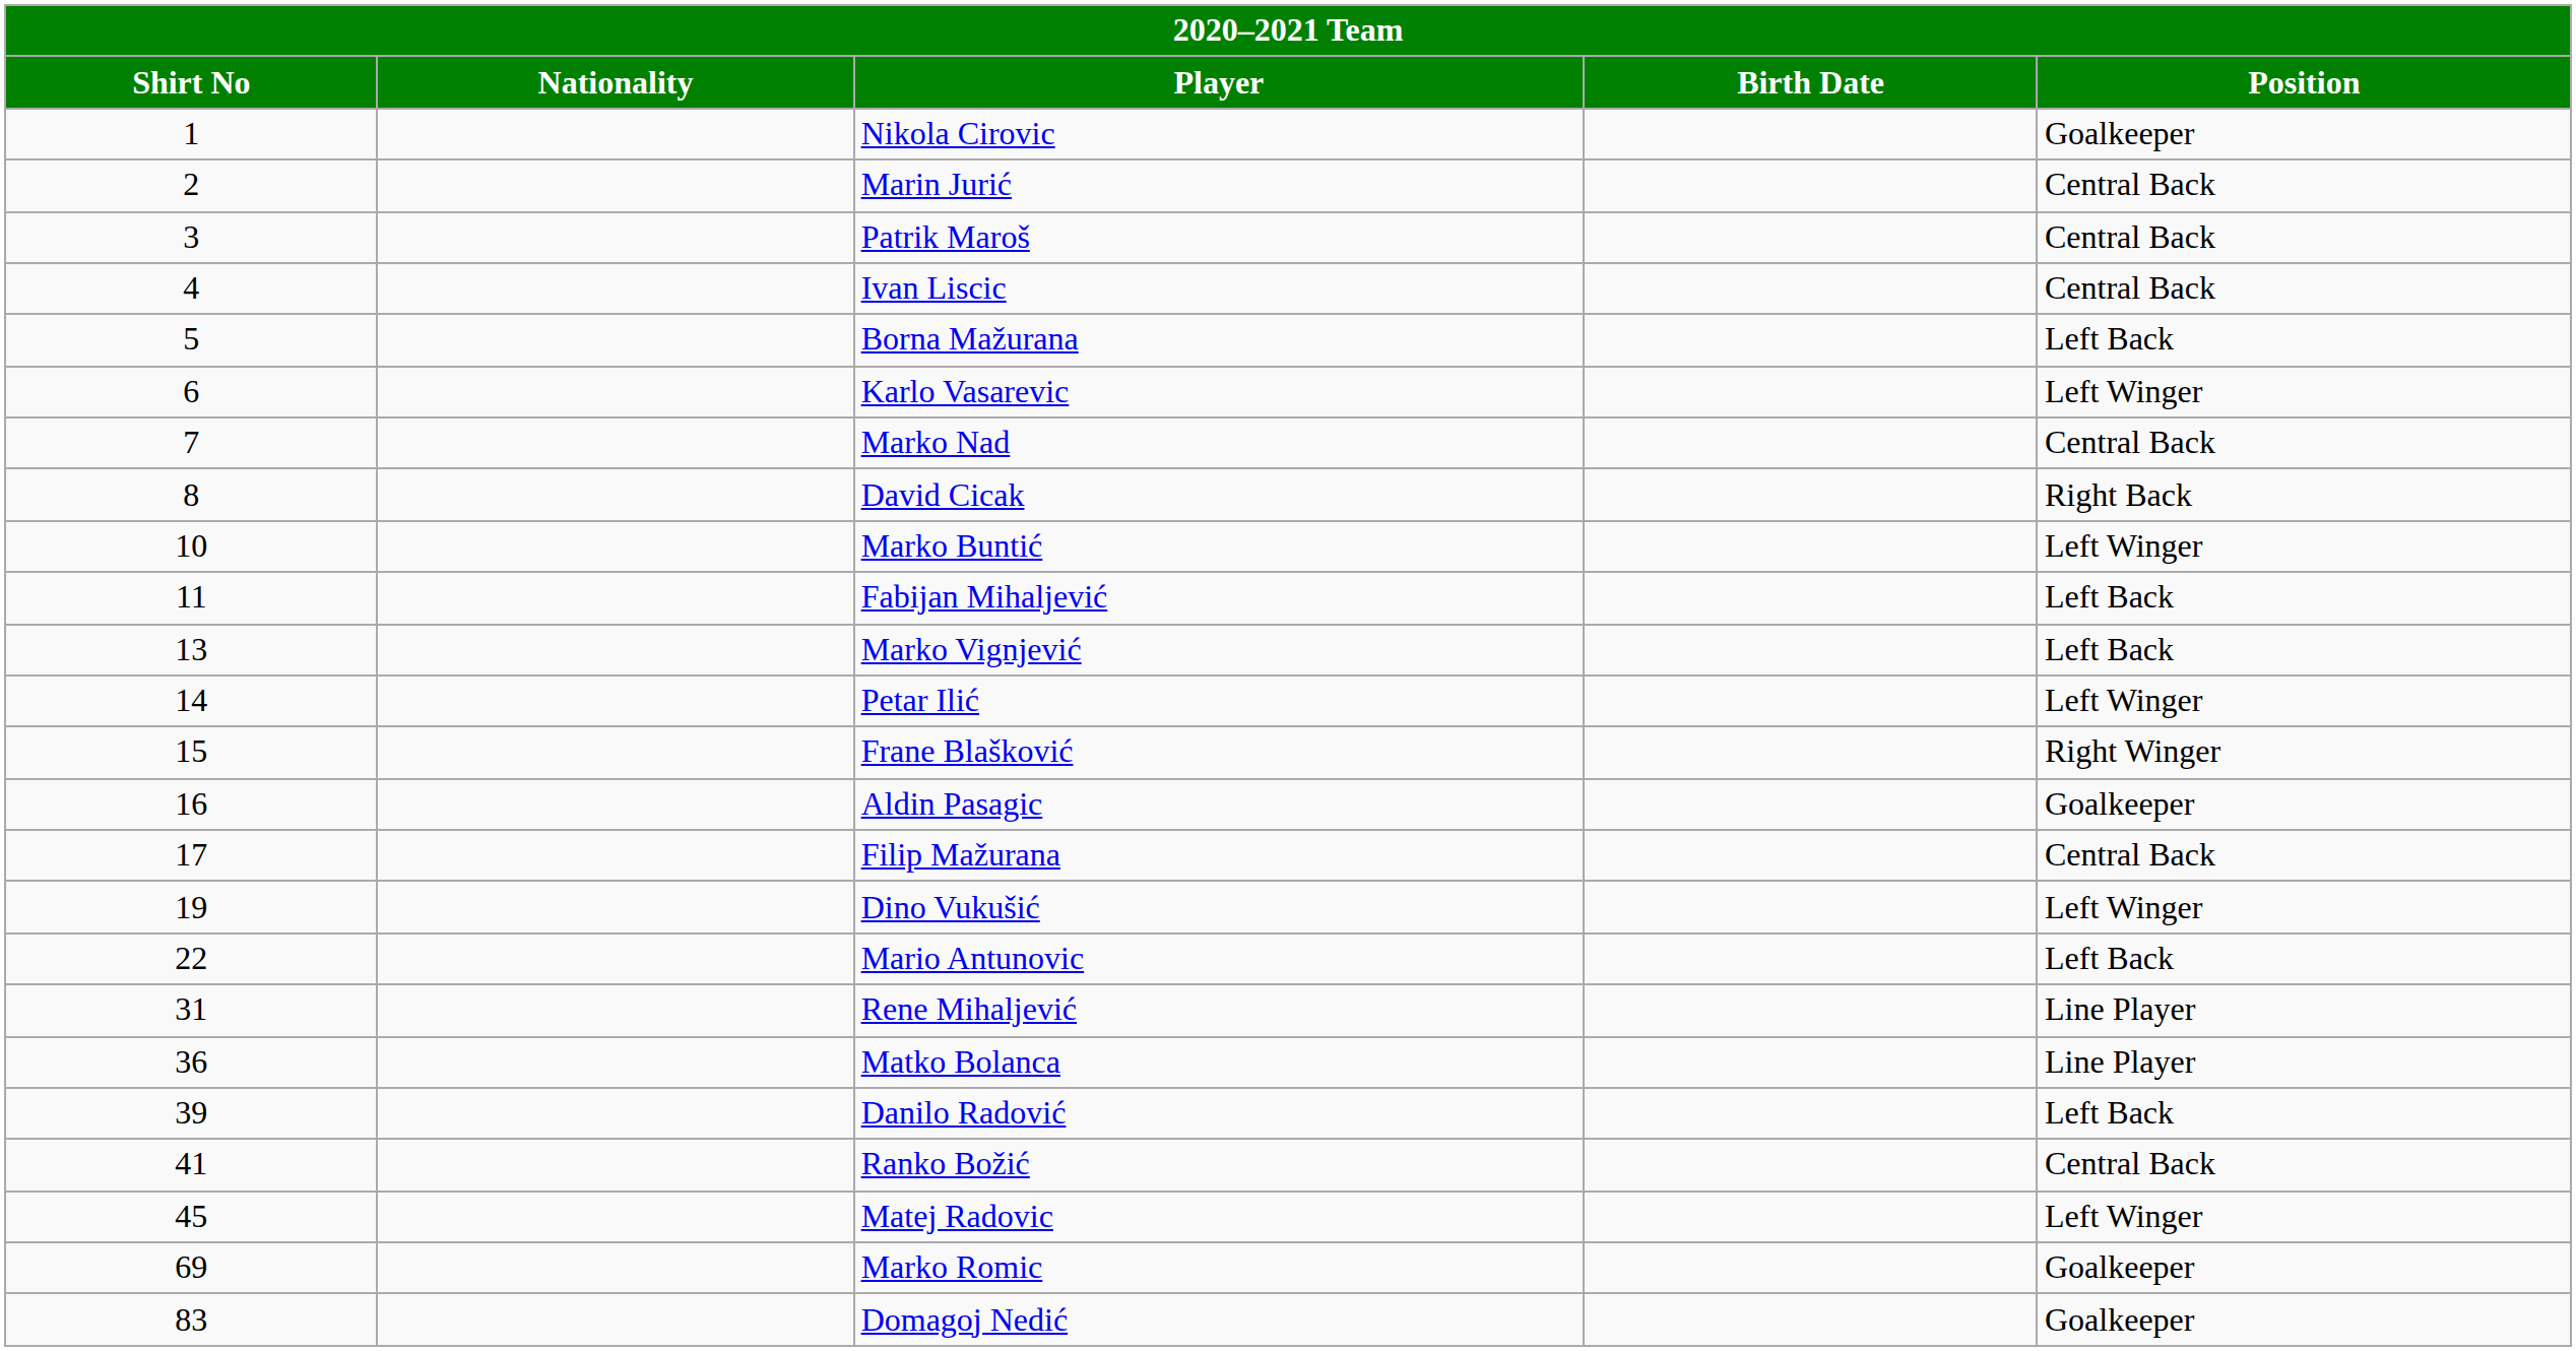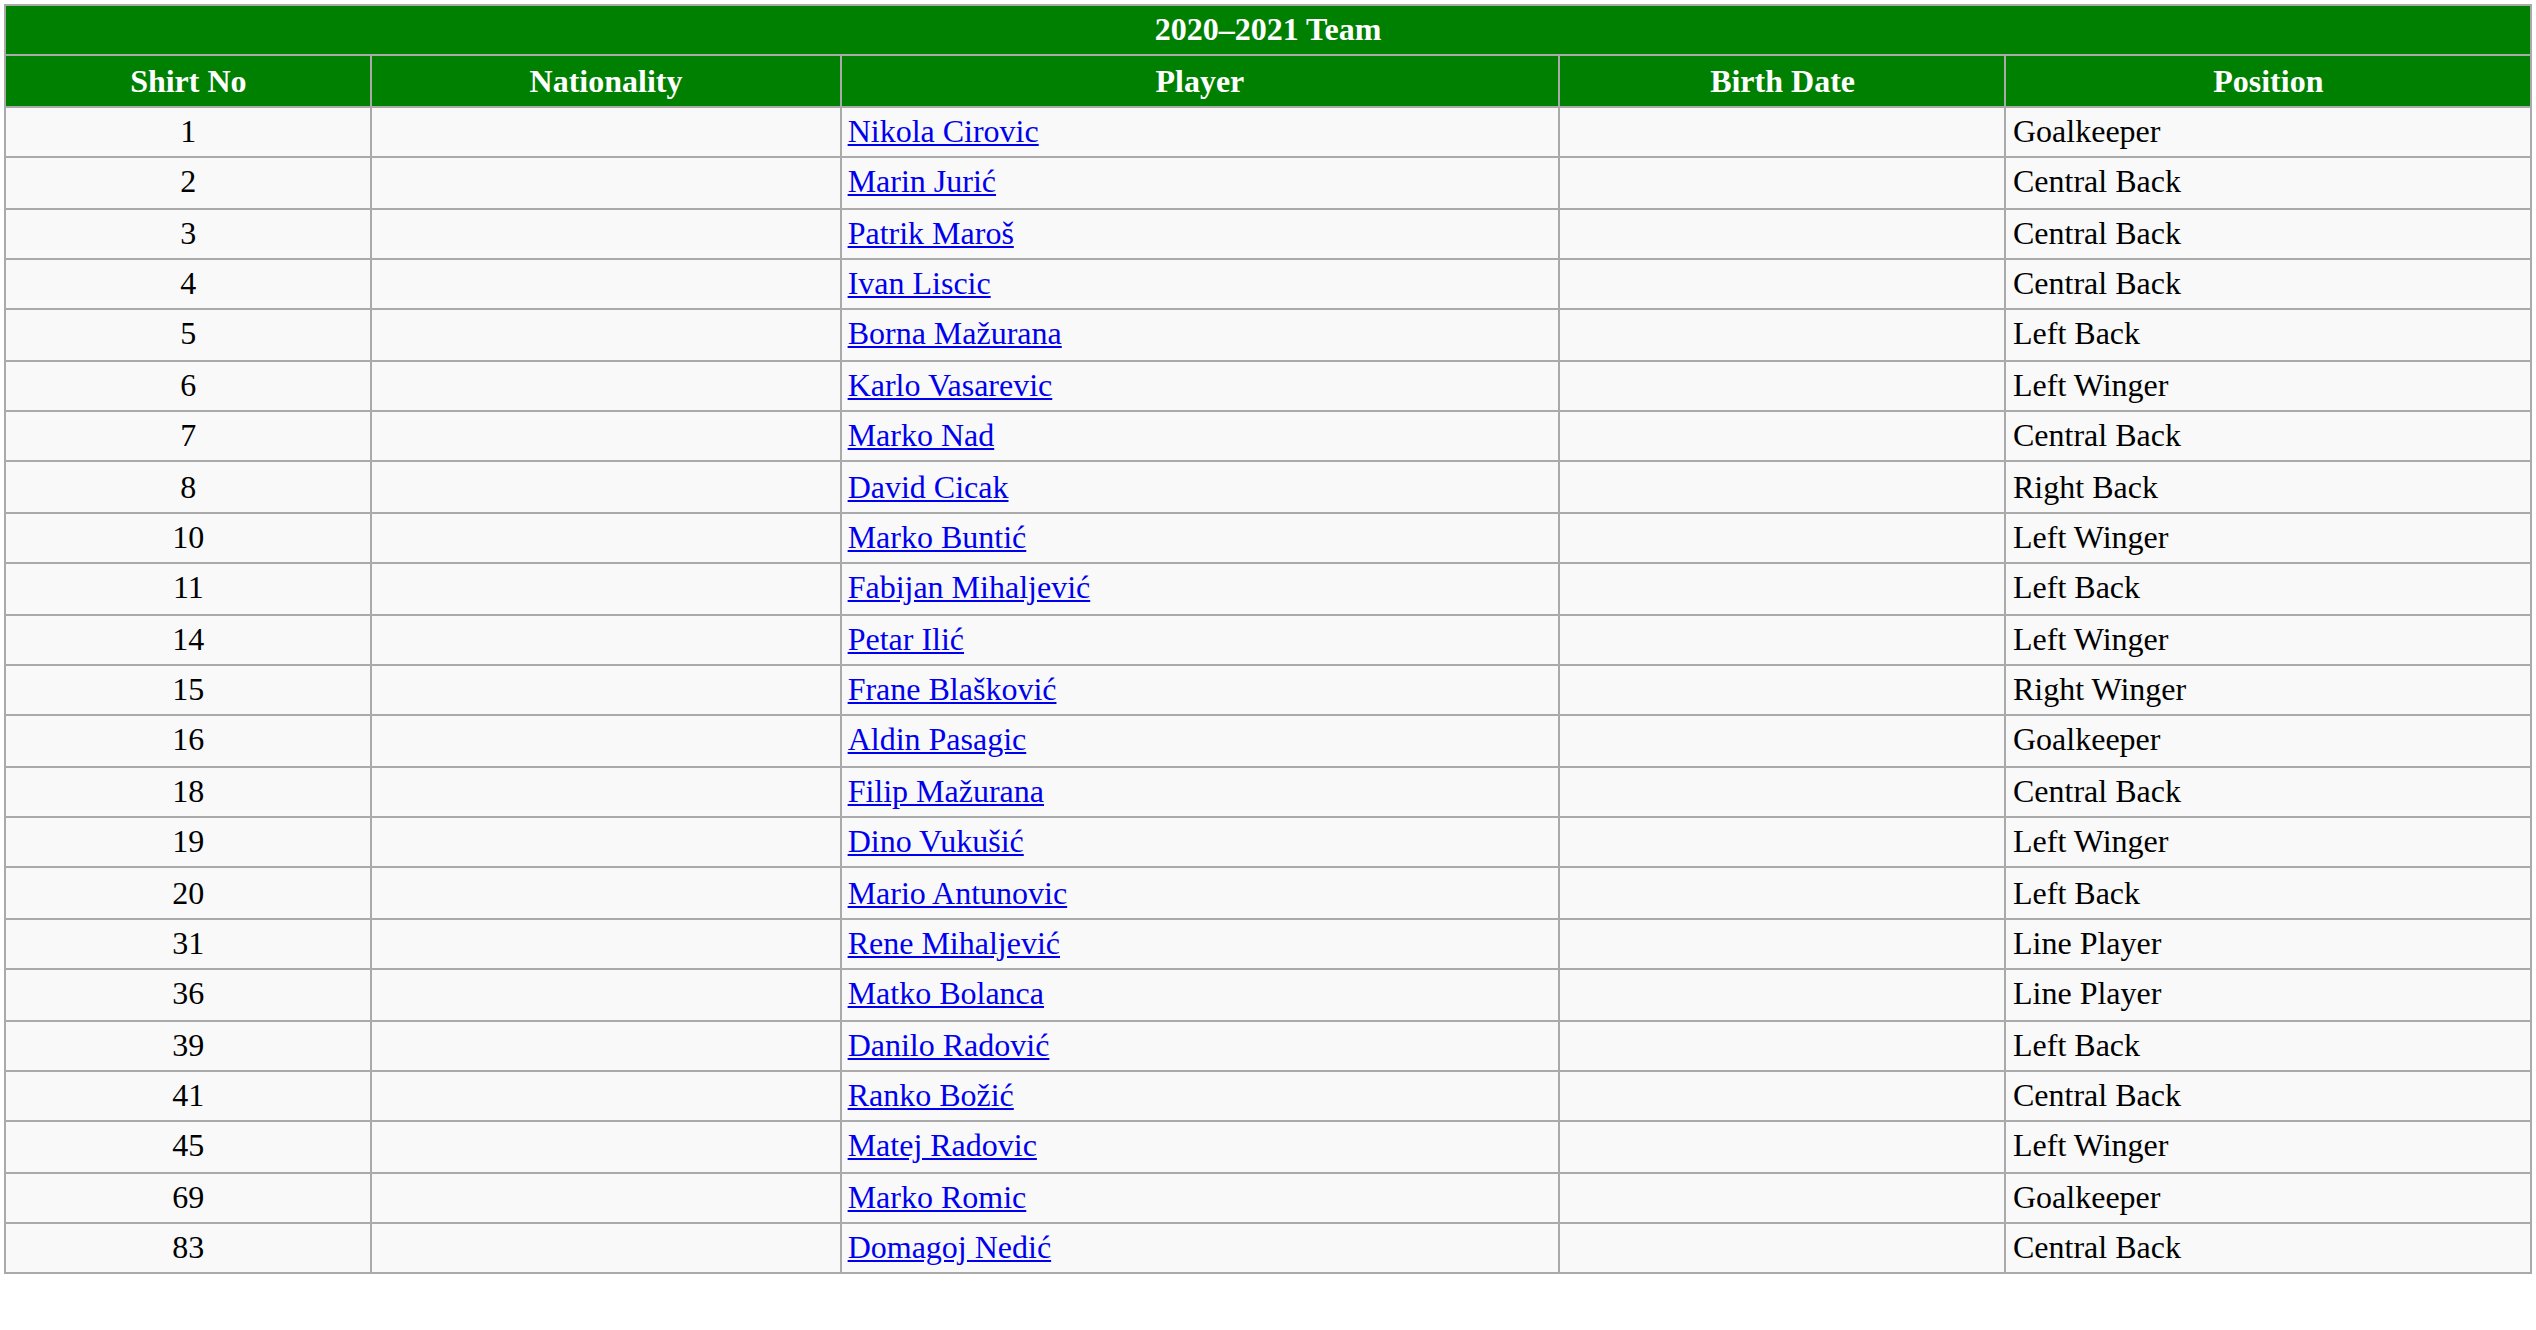 <table class="wikitable collapsible collapsed" style="width:100%">
 <tr>
 <th colspan=5 style="background-color:#008000;color:#FFFFFF;text-align:center;"><strong>2020–2021 Team</strong></th>
 </tr>
 <tr>
 <th style="color:#FFFFFF; background:#008000">Shirt No</th>
 <th style="color:#FFFFFF; background:#008000">Nationality</th>
 <th style="color:#FFFFFF; background:#008000">Player</th>
 <th style="color:#FFFFFF; background:#008000">Birth Date</th>
 <th style="color:#FFFFFF; background:#008000">Position</th>
 </tr>
 <tr>
 <td align=center>1</td>
 <td></td>
 <td><a href='#'>Nikola Cirovic</a></td>
 <td></td>
 <td>Goalkeeper</td>
 </tr>
 <tr>
 <td align=center>2</td>
 <td></td>
 <td><a href='#'>Marin Jurić</a></td>
 <td></td>
 <td>Central Back</td>
 </tr>
 <tr>
 <td align=center>3</td>
 <td></td>
 <td><a href='#'>Patrik Maroš</a></td>
 <td></td>
 <td>Central Back</td>
 </tr>
 <tr>
 <td align=center>4</td>
 <td></td>
 <td><a href='#'>Ivan Liscic</a></td>
 <td></td>
 <td>Central Back</td>
 </tr>
 <tr>
 <td align=center>5</td>
 <td></td>
 <td><a href='#'>Borna Mažurana</a></td>
 <td></td>
 <td>Left Back</td>
 </tr>
 <tr>
 <td align=center>6</td>
 <td></td>
 <td><a href='#'>Karlo Vasarevic</a></td>
 <td></td>
 <td>Left Winger</td>
 </tr>
 <tr>
 <td align=center>7</td>
 <td></td>
 <td><a href='#'>Marko Nad</a></td>
 <td></td>
 <td>Central Back</td>
 </tr>
 <tr>
 <td align=center>8</td>
 <td></td>
 <td><a href='#'>David Cicak</a></td>
 <td></td>
 <td>Right Back</td>
 </tr>
 <tr>
 <td align=center>10</td>
 <td></td>
 <td><a href='#'>Marko Buntić</a></td>
 <td></td>
 <td>Left Winger</td>
 </tr>
 <tr>
 <td align=center>11</td>
 <td></td>
 <td><a href='#'>Fabijan Mihaljević</a></td>
 <td></td>
 <td>Left Back</td>
 </tr>
 <tr>
-<td align=center>13</td>
-<td></td>
-<td><a href='#'>Marko Vignjević</a></td>
-<td></td>
-<td>Left Back</td>
-</tr>
-<tr>
 <td align=center>14</td>
 <td></td>
 <td><a href='#'>Petar Ilić</a></td>
 <td></td>
 <td>Left Winger</td>
 </tr>
 <tr>
 <td align=center>15</td>
 <td></td>
 <td><a href='#'>Frane Blašković</a></td>
 <td></td>
 <td>Right Winger</td>
 </tr>
 <tr>
 <td align=center>16</td>
 <td></td>
 <td><a href='#'>Aldin Pasagic</a></td>
 <td></td>
 <td>Goalkeeper</td>
 </tr>
 <tr>
-<td align=center>17</td>
+<td align=center>18</td>
 <td></td>
 <td><a href='#'>Filip Mažurana</a></td>
 <td></td>
 <td>Central Back</td>
 </tr>
 <tr>
 <td align=center>19</td>
 <td></td>
 <td><a href='#'>Dino Vukušić</a></td>
 <td></td>
 <td>Left Winger</td>
 </tr>
 <tr>
-<td align=center>22</td>
+<td align=center>20</td>
 <td></td>
 <td><a href='#'>Mario Antunovic</a></td>
 <td></td>
 <td>Left Back</td>
 </tr>
 <tr>
 <td align=center>31</td>
 <td></td>
 <td><a href='#'>Rene Mihaljević</a></td>
 <td></td>
 <td>Line Player</td>
 </tr>
 <tr>
 <td align=center>36</td>
 <td></td>
 <td><a href='#'>Matko Bolanca</a></td>
 <td></td>
 <td>Line Player</td>
 </tr>
 <tr>
 <td align=center>39</td>
 <td></td>
 <td><a href='#'>Danilo Radović</a></td>
 <td></td>
 <td>Left Back</td>
 </tr>
 <tr>
 <td align=center>41</td>
 <td></td>
 <td><a href='#'>Ranko Božić</a></td>
 <td></td>
 <td>Central Back</td>
 </tr>
 <tr>
 <td align=center>45</td>
 <td></td>
 <td><a href='#'>Matej Radovic</a></td>
 <td></td>
 <td>Left Winger</td>
 </tr>
 <tr>
 <td align=center>69</td>
 <td></td>
 <td><a href='#'>Marko Romic</a></td>
 <td></td>
 <td>Goalkeeper</td>
 </tr>
 <tr>
 <td align=center>83</td>
 <td></td>
 <td><a href='#'>Domagoj Nedić</a></td>
 <td></td>
-<td>Goalkeeper</td>
+<td>Central Back</td>
 </tr>
 </table>
